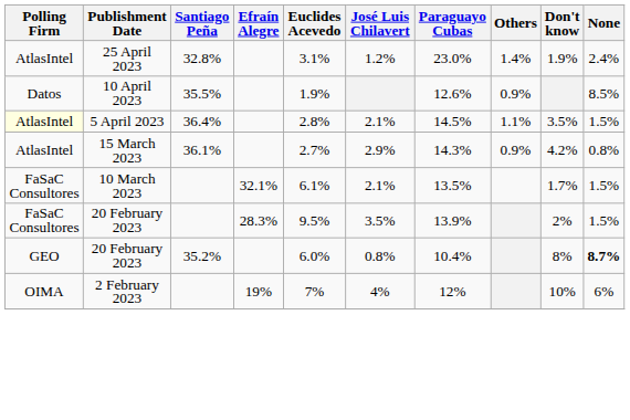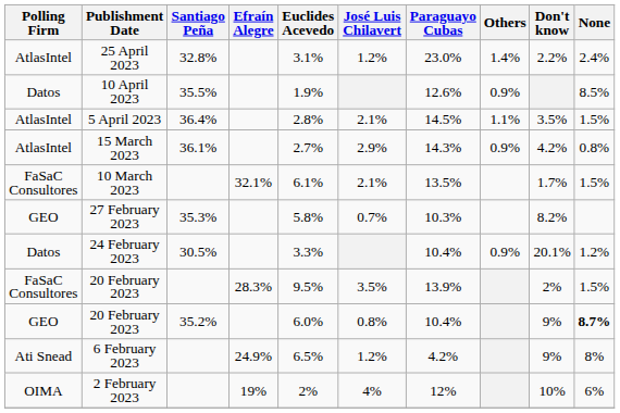 <table class="wikitable" style="text-align:center;font-size:90%;line-height:14px;">
 <tr>
 <th scope="col">Polling Firm</th>
 <th scope="col">Publishment Date</th>
 <th scope="col"><a href='#'>Santiago Peña</a><br></th>
 <th scope="col"><a href='#'>Efraín Alegre</a><br></th>
 <th scope="col">Euclides Acevedo<br></th>
 <th scope="col"><a href='#'>José Luis Chilavert</a><br></th>
 <th scope="col"><a href='#'>Paraguayo Cubas</a><br></th>
 <th scope="col">Others</th>
 <th scope="col">Don't know</th>
 <th scope="col">None</th>
 </tr>
 <tr>
 <td>AtlasIntel</td>
 <td scope="row">25 April 2023</td>
 <td>32.8%</td>
 <td></td>
 <td>3.1%</td>
 <td>1.2%</td>
 <td>23.0%</td>
 <td>1.4%</td>
-<td>1.9%</td>
+<td>2.2%</td>
 <td>2.4%</td>
 </tr>
 <tr>
 <td>Datos</td>
 <td>10 April 2023</td>
 <td>35.5%</td>
 <td></td>
 <td>1.9%</td>
 <th></th>
 <td>12.6%</td>
 <td>0.9%</td>
 <th></th>
 <td>8.5%</td>
 </tr>
 <tr>
-<td style="background: lightyellow;">AtlasIntel</td>
+<td>AtlasIntel</td>
 <td scope="row">5 April 2023</td>
 <td>36.4%</td>
 <td></td>
 <td>2.8%</td>
 <td>2.1%</td>
 <td>14.5%</td>
 <td>1.1%</td>
 <td>3.5%</td>
 <td>1.5%</td>
 </tr>
 <tr>
 <td>AtlasIntel</td>
 <td scope="row">15 March 2023</td>
 <td>36.1%</td>
 <td></td>
 <td>2.7%</td>
 <td>2.9%</td>
 <td>14.3%</td>
 <td>0.9%</td>
 <td>4.2%</td>
 <td>0.8%</td>
 </tr>
 <tr>
 <td>FaSaC Consultores</td>
 <td scope="row">10 March 2023</td>
 <td></td>
 <td>32.1%</td>
 <td>6.1%</td>
 <td>2.1%</td>
 <td>13.5%</td>
 <td></td>
 <td>1.7%</td>
 <td>1.5%</td>
 </tr>
 <tr>
+<td>GEO</td>
+<td scope="row">27 February 2023</td>
+<td>35.3%</td>
+<td></td>
+<td>5.8%</td>
+<td>0.7%</td>
+<td>10.3%</td>
+<td></td>
+<td>8.2%</td>
+<td></td>
+</tr>
+<tr>
+<td>Datos</td>
+<td scope="row">24 February 2023</td>
+<td>30.5%</td>
+<td></td>
+<td>3.3%</td>
+<th></th>
+<td>10.4%</td>
+<td>0.9%</td>
+<td>20.1%</td>
+<td>1.2%</td>
+</tr>
+<tr>
 <td>FaSaC Consultores</td>
 <td scope="row">20 February 2023</td>
 <td></td>
 <td>28.3%</td>
 <td>9.5%</td>
 <td>3.5%</td>
 <td>13.9%</td>
 <th></th>
 <td>2%</td>
 <td>1.5%</td>
 </tr>
 <tr>
 <td>GEO</td>
 <td scope="row">20 February 2023</td>
 <td>35.2%</td>
 <td></td>
 <td>6.0%</td>
 <td>0.8%</td>
 <td>10.4%</td>
 <th></th>
+<td>9%</td>
+<td><strong>8.7%</strong></td>
+</tr>
+<tr>
+<td>Ati Snead</td>
+<td scope="row">6 February 2023</td>
+<td></td>
+<td>24.9%</td>
+<td>6.5%</td>
+<td>1.2%</td>
+<td>4.2%</td>
+<th></th>
+<td>9%</td>
 <td>8%</td>
-<td><strong>8.7%</strong></td>
 </tr>
 <tr>
 <td>OIMA</td>
 <td scope="row">2 February 2023</td>
 <td bgcolor=></td>
 <td>19%</td>
-<td>7%</td>
+<td>2%</td>
 <td>4%</td>
 <td>12%</td>
 <th></th>
 <td>10%</td>
 <td>6%</td>
 </tr>
 <tr>
 </tr>
 </table>
